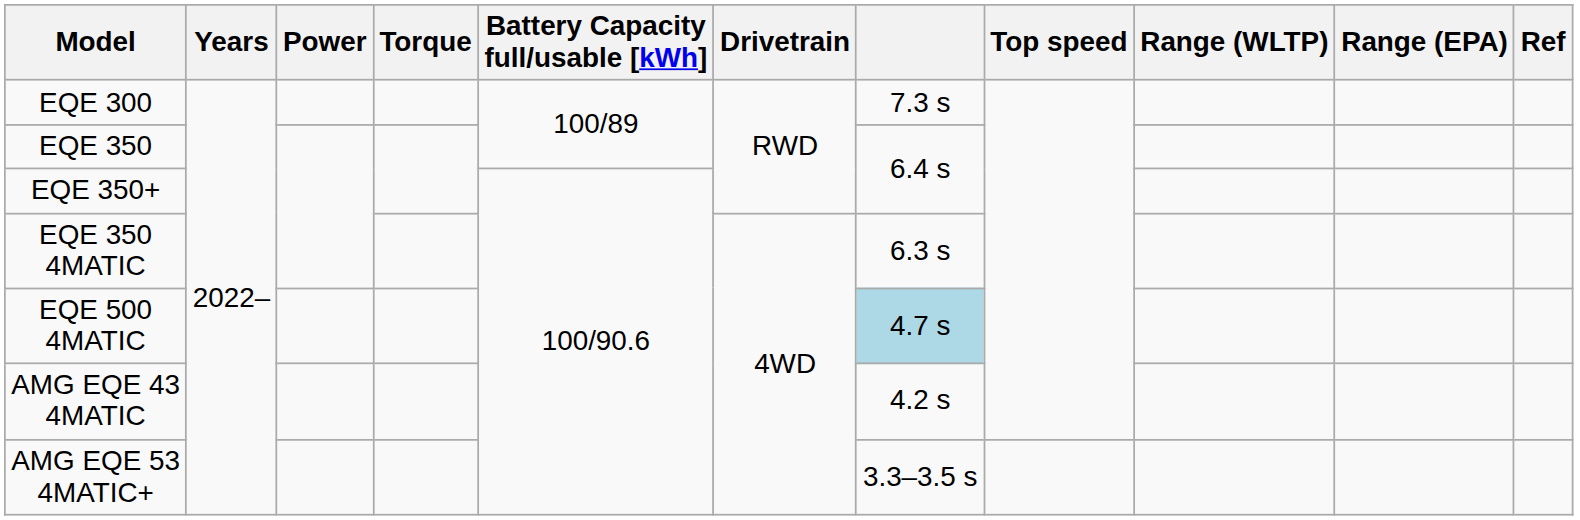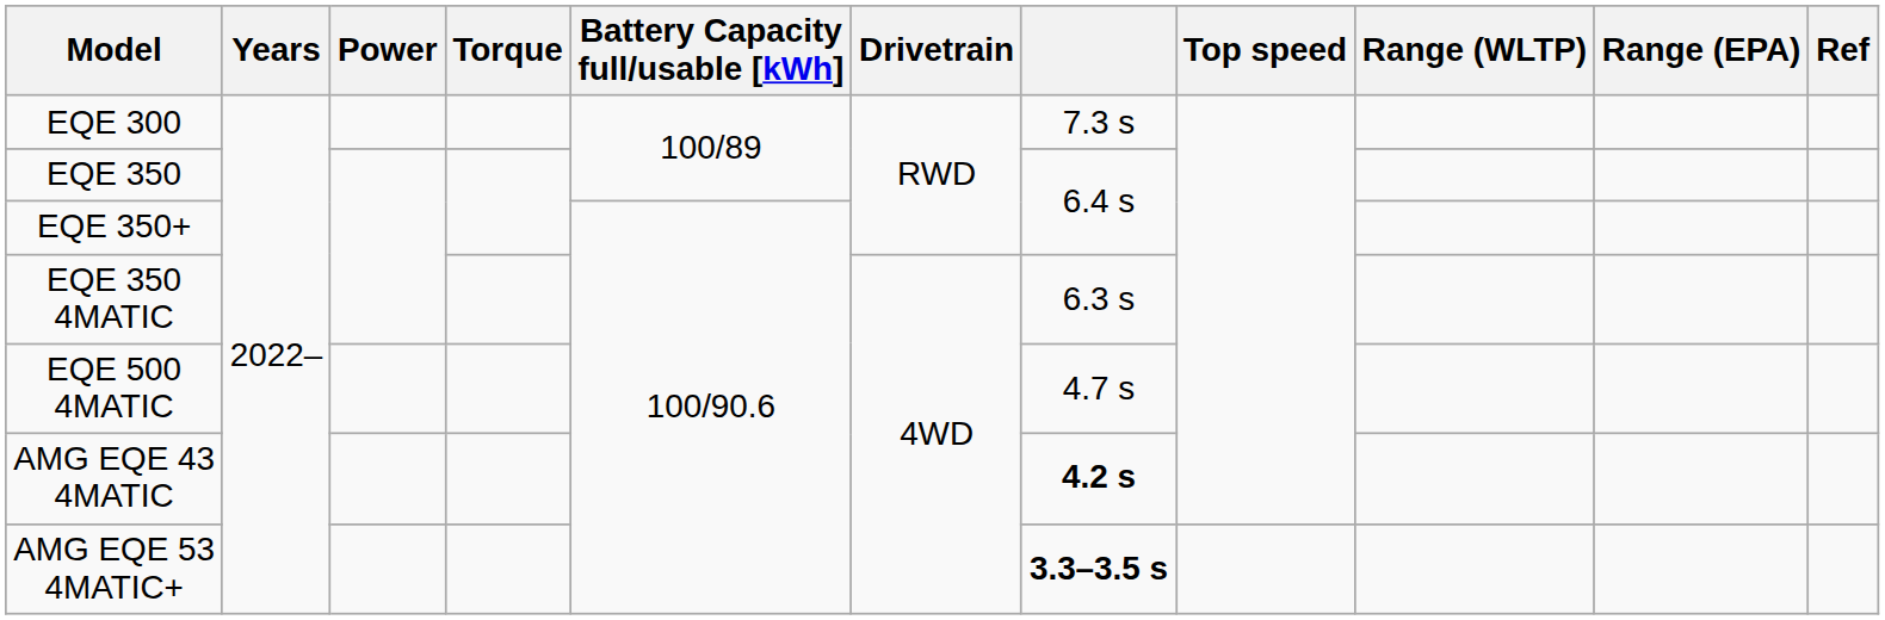 <table class="wikitable sortable" style="text-align: center;">
 <tr>
 <th>Model</th>
 <th>Years</th>
 <th>Power</th>
 <th>Torque</th>
 <th>Battery Capacity<br>full/usable [<a href='#'>kWh</a>]</th>
 <th>Drivetrain</th>
 <th></th>
 <th>Top speed</th>
 <th> Range (WLTP)</th>
 <th>Range (EPA)</th>
 <th>Ref</th>
 </tr>
 <tr>
 <td>EQE 300</td>
 <td rowspan="7">2022–</td>
 <td></td>
 <td></td>
 <td rowspan="2">100/89</td>
 <td rowspan="3">RWD</td>
 <td>7.3 s</td>
 <td rowspan="6"></td>
 <td></td>
 <td></td>
 <td></td>
 </tr>
 <tr>
 <td>EQE 350</td>
 <td rowspan="3"></td>
 <td rowspan="2"></td>
 <td rowspan="2">6.4 s</td>
 <td></td>
 <td></td>
 <td></td>
 </tr>
 <tr>
 <td>EQE 350+</td>
 <td rowspan="5">100/90.6</td>
 <td></td>
 <td></td>
 <td></td>
 </tr>
 <tr>
 <td>EQE 350<br>4MATIC</td>
 <td></td>
 <td rowspan="4">4WD</td>
 <td>6.3 s</td>
 <td></td>
 <td></td>
 <td></td>
 </tr>
 <tr>
 <td>EQE 500<br>4MATIC</td>
 <td></td>
 <td></td>
-<td style="background: lightblue;">4.7 s</td>
+<td>4.7 s</td>
 <td></td>
 <td></td>
 <td></td>
 </tr>
 <tr>
 <td>AMG EQE 43 <br> 4MATIC</td>
 <td></td>
 <td></td>
-<td>4.2 s</td>
+<td><strong>4.2 s</strong></td>
 <td></td>
 <td></td>
 <td></td>
 </tr>
 <tr>
 <td>AMG EQE 53 <br> 4MATIC+</td>
 <td></td>
 <td></td>
-<td>3.3–3.5 s</td>
+<td><strong>3.3–3.5 s</strong></td>
 <td></td>
 <td></td>
 <td></td>
 <td></td>
 </tr>
 </table>
